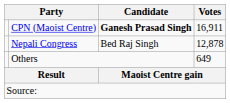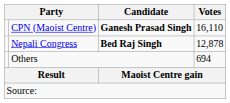 <table class="wikitable">
 <tr>
 <th colspan="2">Party</th>
 <th>Candidate</th>
 <th>Votes</th>
 </tr>
 <tr>
 <td style="background-color:"></td>
 <td><a href='#'>CPN (Maoist Centre)</a></td>
 <td><strong>Ganesh Prasad Singh</strong></td>
-<td>16,911</td>
+<td>16,110</td>
 </tr>
 <tr>
 <td style="background-color:"></td>
 <td><a href='#'>Nepali Congress</a></td>
-<td>Bed Raj Singh</td>
+<td><strong>Bed Raj Singh</strong></td>
 <td>12,878</td>
 </tr>
 <tr>
 <td></td>
 <td colspan="2">Others</td>
-<td>649</td>
+<td>694</td>
 </tr>
 <tr>
 <th colspan="2">Result</th>
 <th colspan="2">Maoist Centre gain</th>
 </tr>
 <tr>
 <td colspan="4">Source: </td>
 </tr>
 </table>
